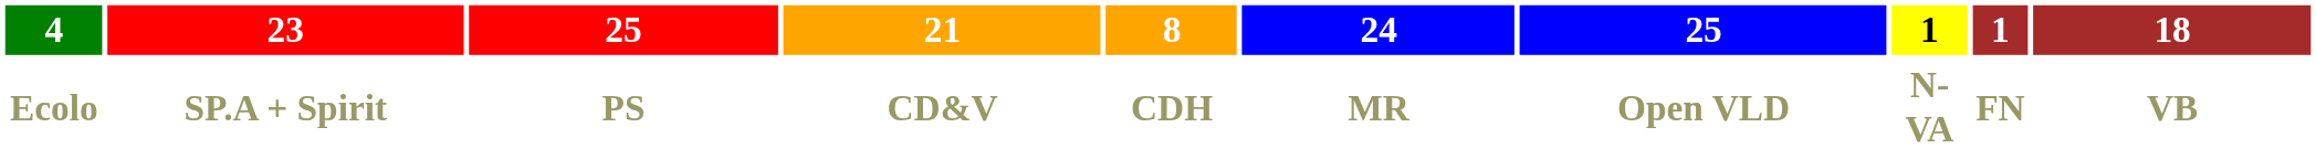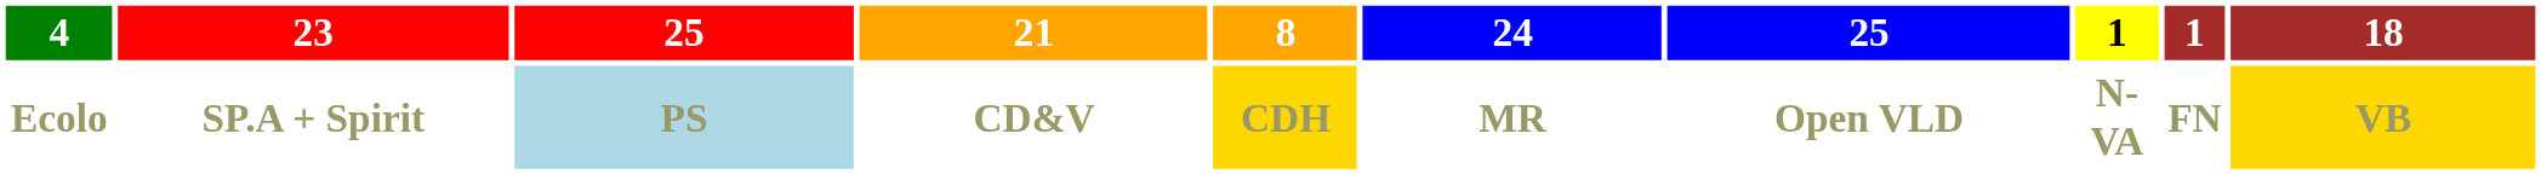 <table style="width:100%; font-size:88%; text-align:center;">
 <tr style="font-weight:bold">
 <td style="background:green; width:3.1%; color:white">4</td>
 <td style="background:red; width:14.9%; color:white">23</td>
 <td style="background:red; width:13.0%; color:white">25</td>
 <td style="background:orange; width:13.3%; color:white">21</td>
 <td style="background:orange; width:5.5%; color:white">8</td>
 <td style="background:blue; width:11.4%; color:white">24</td>
 <td style="background:blue; width:15.4%; color:white">25</td>
 <td style="background:yellow; width:3.1%; color:black">1</td>
 <td style="background:brown; width:2.0%; color:white">1</td>
 <td style="background:brown; width:11.6%; color:white">18</td>
 </tr>
 <tr style="font-weight:bold; color:#996;">
 <td>Ecolo</td>
 <td>SP.A + Spirit</td>
-<td>PS</td>
+<td style="background: lightblue;">PS</td>
 <td>CD&V</td>
-<td>CDH</td>
+<td style="background: gold;">CDH</td>
 <td>MR</td>
 <td>Open VLD</td>
 <td>N-VA</td>
 <td>FN</td>
-<td>VB</td>
+<td style="background: gold;">VB</td>
 </tr>
 </table>
